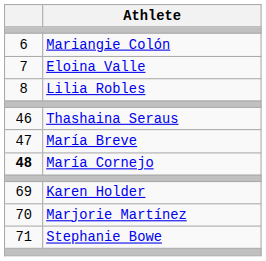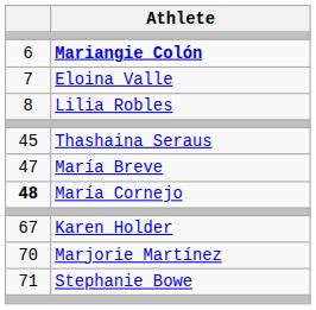 <table class="wikitable">
 <tr>
 <th width="30"></th>
 <th width="200">Athlete</th>
 </tr>
 <tr bgcolor="C0C0C0">
 <td colspan=2></td>
 </tr>
 <tr>
 <td align="center">6</td>
-<td> <a href='#'>Mariangie Colón</a></td>
+<td><strong> <a href='#'>Mariangie Colón</a></strong></td>
 </tr>
 <tr>
 <td align="center">7</td>
 <td> <a href='#'>Eloina Valle</a></td>
 </tr>
 <tr>
 <td align="center">8</td>
 <td> <a href='#'>Lilia Robles</a></td>
 </tr>
 <tr bgcolor="C0C0C0">
 <td colspan=2></td>
 </tr>
 <tr>
-<td align="center">46</td>
+<td align="center">45</td>
 <td> <a href='#'>Thashaina Seraus</a></td>
 </tr>
 <tr>
 <td align="center">47</td>
 <td> <a href='#'>María Breve</a></td>
 </tr>
 <tr>
 <td align="center"><strong>48</strong></td>
 <td> <a href='#'>María Cornejo</a></td>
 </tr>
 <tr bgcolor="C0C0C0">
 <td colspan=2></td>
 </tr>
 <tr>
-<td align="center">69</td>
+<td align="center">67</td>
 <td> <a href='#'>Karen Holder</a></td>
 </tr>
 <tr>
 <td align="center">70</td>
 <td> <a href='#'>Marjorie Martínez</a></td>
 </tr>
 <tr>
 <td align="center">71</td>
 <td> <a href='#'>Stephanie Bowe</a></td>
 </tr>
 <tr bgcolor="C0C0C0">
 <td colspan=2></td>
 </tr>
 </table>
